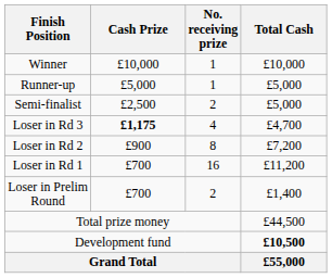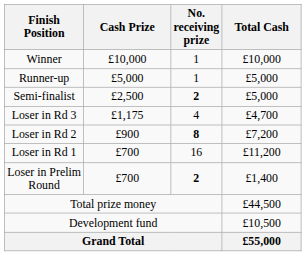 <table class="wikitable" style="text-align:center;">
 <tr>
 <th width=100 abbr="Finish Position">Finish Position</th>
 <th width=110 abbr="Cash Prize">Cash Prize</th>
 <th width=50 abbr="No. receiving prize">No. receiving prize</th>
 <th width=100 abbr="Total Cash">Total Cash</th>
 </tr>
 <tr>
 <td>Winner</td>
 <td>£10,000</td>
 <td>1</td>
 <td>£10,000</td>
 </tr>
 <tr>
 <td>Runner-up</td>
 <td>£5,000</td>
 <td>1</td>
 <td>£5,000</td>
 </tr>
 <tr>
 <td>Semi-finalist</td>
 <td>£2,500</td>
-<td>2</td>
+<td><strong>2</strong></td>
 <td>£5,000</td>
 </tr>
 <tr>
 <td>Loser in Rd 3</td>
-<td><strong>£1,175</strong></td>
+<td>£1,175</td>
 <td>4</td>
 <td>£4,700</td>
 </tr>
 <tr>
 <td>Loser in Rd 2</td>
 <td>£900</td>
-<td>8</td>
+<td><strong>8</strong></td>
 <td>£7,200</td>
 </tr>
 <tr>
 <td>Loser in Rd 1</td>
 <td>£700</td>
 <td>16</td>
 <td>£11,200</td>
 </tr>
 <tr>
 <td>Loser in Prelim Round</td>
 <td>£700</td>
-<td>2</td>
+<td><strong>2</strong></td>
 <td>£1,400</td>
 </tr>
 <tr>
 <td colspan="3">Total prize money</td>
 <td>£44,500</td>
 </tr>
 <tr>
 <td colspan="3">Development fund</td>
-<td><strong>£10,500</strong></td>
+<td>£10,500</td>
 </tr>
 <tr>
 <th colspan="3">Grand Total</th>
 <th>£55,000</th>
 </tr>
 </table>
